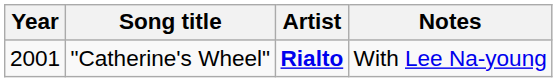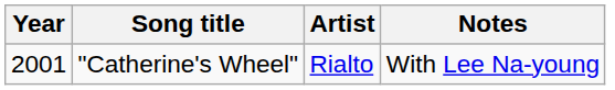 <table class="wikitable sortable">
 <tr>
 <th>Year</th>
 <th>Song title</th>
 <th>Artist</th>
 <th>Notes</th>
 </tr>
 <tr>
 <td rowspan=3>2001</td>
 <td>"Catherine's Wheel"</td>
-<td><strong><a href='#'>Rialto</a></strong></td>
+<td><a href='#'>Rialto</a></td>
 <td>With <a href='#'>Lee Na-young</a></td>
 </tr>
 </table>
